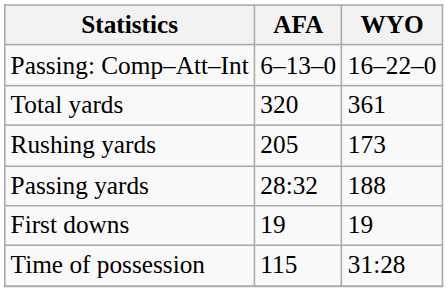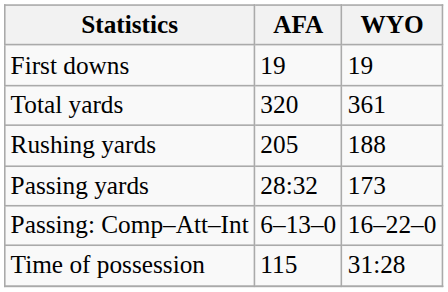 <table class="wikitable" style="float: left;">
 <tr>
 <th>Statistics</th>
 <th>AFA</th>
 <th>WYO</th>
 </tr>
 <tr>
-<td>Passing: Comp–Att–Int</td>
-<td>6–13–0</td>
-<td>16–22–0</td>
+<td>First downs</td>
+<td>19</td>
+<td>19</td>
 </tr>
 <tr>
 <td>Total yards</td>
 <td>320</td>
 <td>361</td>
 </tr>
 <tr>
 <td>Rushing yards</td>
 <td>205</td>
-<td>173</td>
+<td>188</td>
 </tr>
 <tr>
 <td>Passing yards</td>
 <td>28:32</td>
-<td>188</td>
+<td>173</td>
 </tr>
 <tr>
-<td>First downs</td>
-<td>19</td>
-<td>19</td>
+<td>Passing: Comp–Att–Int</td>
+<td>6–13–0</td>
+<td>16–22–0</td>
 </tr>
 <tr>
 <td>Time of possession</td>
 <td>115</td>
 <td>31:28</td>
 </tr>
 <tr>
 </tr>
 </table>
